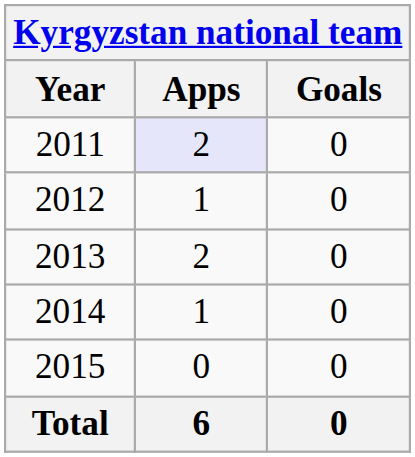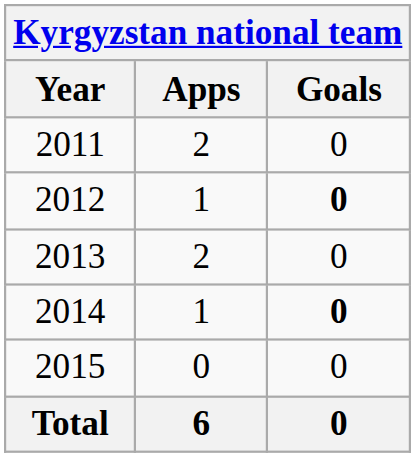 <table class="wikitable" style="text-align:center">
 <tr>
 <th colspan=3><a href='#'>Kyrgyzstan national team</a></th>
 </tr>
 <tr>
 <th>Year</th>
 <th>Apps</th>
 <th>Goals</th>
 </tr>
 <tr>
 <td>2011</td>
-<td style="background: lavender;">2</td>
+<td>2</td>
 <td>0</td>
 </tr>
 <tr>
 <td>2012</td>
 <td>1</td>
-<td>0</td>
+<td><strong>0</strong></td>
 </tr>
 <tr>
 <td>2013</td>
 <td>2</td>
 <td>0</td>
 </tr>
 <tr>
 <td>2014</td>
 <td>1</td>
-<td>0</td>
+<td><strong>0</strong></td>
 </tr>
 <tr>
 <td>2015</td>
 <td>0</td>
 <td>0</td>
 </tr>
 <tr>
 <th>Total</th>
 <th>6</th>
 <th>0</th>
 </tr>
 </table>
